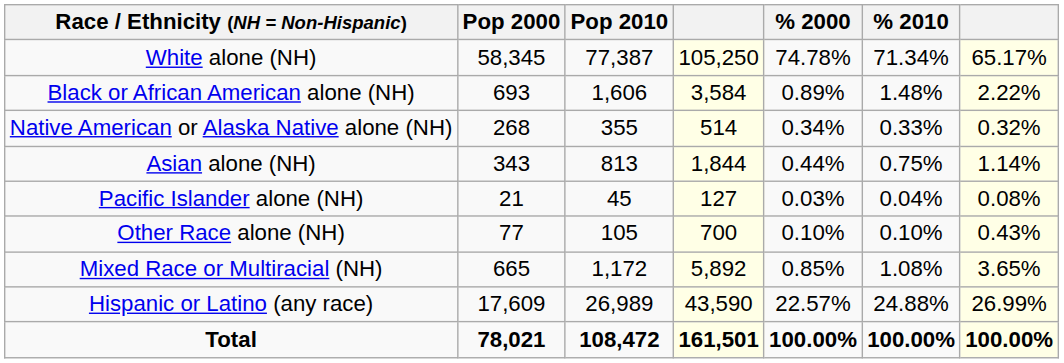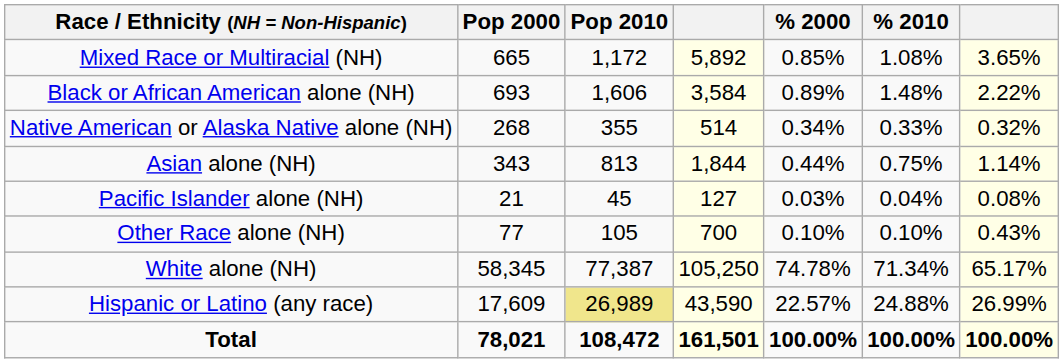 <table class="wikitable" style="text-align:center;">
 <tr>
 <th>Race / Ethnicity <small>(<em>NH = Non-Hispanic</em>)</small></th>
 <th>Pop 2000</th>
 <th>Pop 2010</th>
 <th></th>
 <th>% 2000</th>
 <th>% 2010</th>
 <th></th>
 </tr>
 <tr>
-<td><a href='#'>White</a> alone (NH)</td>
-<td>58,345</td>
-<td>77,387</td>
-<td style='background: #ffffe6;'>105,250</td>
-<td>74.78%</td>
-<td>71.34%</td>
-<td style='background: #ffffe6;'>65.17%</td>
+<td><a href='#'>Mixed Race or Multiracial</a> (NH)</td>
+<td>665</td>
+<td>1,172</td>
+<td style='background: #ffffe6;'>5,892</td>
+<td>0.85%</td>
+<td>1.08%</td>
+<td style='background: #ffffe6;'>3.65%</td>
 </tr>
 <tr>
 <td><a href='#'>Black or African American</a> alone (NH)</td>
 <td>693</td>
 <td>1,606</td>
 <td style='background: #ffffe6;'>3,584</td>
 <td>0.89%</td>
 <td>1.48%</td>
 <td style='background: #ffffe6;'>2.22%</td>
 </tr>
 <tr>
 <td><a href='#'>Native American</a> or <a href='#'>Alaska Native</a> alone (NH)</td>
 <td>268</td>
 <td>355</td>
 <td style='background: #ffffe6;'>514</td>
 <td>0.34%</td>
 <td>0.33%</td>
 <td style='background: #ffffe6;'>0.32%</td>
 </tr>
 <tr>
 <td><a href='#'>Asian</a> alone (NH)</td>
 <td>343</td>
 <td>813</td>
 <td style='background: #ffffe6;'>1,844</td>
 <td>0.44%</td>
 <td>0.75%</td>
 <td style='background: #ffffe6;'>1.14%</td>
 </tr>
 <tr>
 <td><a href='#'>Pacific Islander</a> alone (NH)</td>
 <td>21</td>
 <td>45</td>
 <td style='background: #ffffe6;'>127</td>
 <td>0.03%</td>
 <td>0.04%</td>
 <td style='background: #ffffe6;'>0.08%</td>
 </tr>
 <tr>
 <td><a href='#'>Other Race</a> alone (NH)</td>
 <td>77</td>
 <td>105</td>
 <td style='background: #ffffe6;'>700</td>
 <td>0.10%</td>
 <td>0.10%</td>
 <td style='background: #ffffe6;'>0.43%</td>
 </tr>
 <tr>
-<td><a href='#'>Mixed Race or Multiracial</a> (NH)</td>
-<td>665</td>
-<td>1,172</td>
-<td style='background: #ffffe6;'>5,892</td>
-<td>0.85%</td>
-<td>1.08%</td>
-<td style='background: #ffffe6;'>3.65%</td>
+<td><a href='#'>White</a> alone (NH)</td>
+<td>58,345</td>
+<td>77,387</td>
+<td style='background: #ffffe6;'>105,250</td>
+<td>74.78%</td>
+<td>71.34%</td>
+<td style='background: #ffffe6;'>65.17%</td>
 </tr>
 <tr>
 <td><a href='#'>Hispanic or Latino</a> (any race)</td>
 <td>17,609</td>
-<td>26,989</td>
+<td style="background: khaki;">26,989</td>
 <td style='background: #ffffe6;'>43,590</td>
 <td>22.57%</td>
 <td>24.88%</td>
 <td style='background: #ffffe6;'>26.99%</td>
 </tr>
 <tr>
 <td><strong>Total</strong></td>
 <td><strong>78,021</strong></td>
 <td><strong>108,472</strong></td>
 <td style='background: #ffffe6;'><strong>161,501</strong></td>
 <td><strong>100.00%</strong></td>
 <td><strong>100.00%</strong></td>
 <td style='background: #ffffe6;'><strong>100.00%</strong></td>
 </tr>
 </table>
